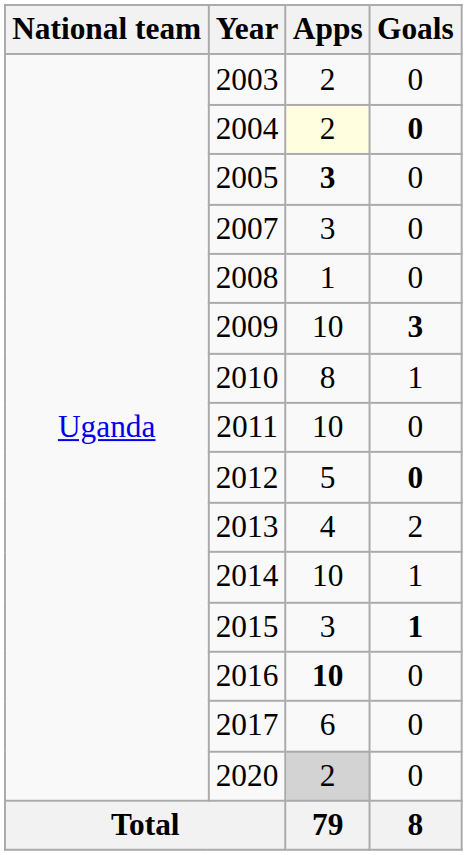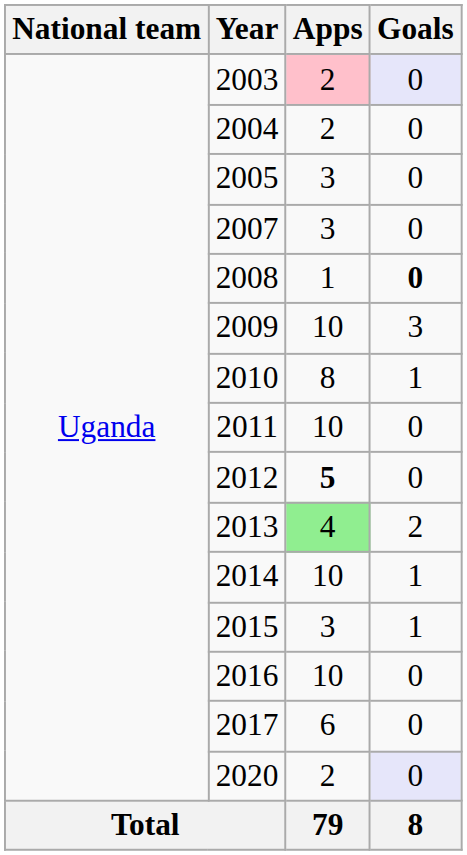 <table class="wikitable" style="text-align:center">
 <tr>
 <th>National team</th>
 <th>Year</th>
 <th>Apps</th>
 <th>Goals</th>
 </tr>
 <tr>
 <td rowspan="15"><a href='#'>Uganda</a></td>
 <td>2003</td>
+<td style="background: pink;">2</td>
+<td style="background: lavender;">0</td>
+</tr>
+<tr>
+<td>2004</td>
 <td>2</td>
 <td>0</td>
 </tr>
 <tr>
-<td>2004</td>
-<td style="background: lightyellow;">2</td>
-<td><strong>0</strong></td>
-</tr>
-<tr>
 <td>2005</td>
-<td><strong>3</strong></td>
+<td>3</td>
 <td>0</td>
 </tr>
 <tr>
 <td>2007</td>
 <td>3</td>
 <td>0</td>
 </tr>
 <tr>
 <td>2008</td>
 <td>1</td>
-<td>0</td>
+<td><strong>0</strong></td>
 </tr>
 <tr>
 <td>2009</td>
 <td>10</td>
-<td><strong>3</strong></td>
+<td>3</td>
 </tr>
 <tr>
 <td>2010</td>
 <td>8</td>
 <td>1</td>
 </tr>
 <tr>
 <td>2011</td>
 <td>10</td>
 <td>0</td>
 </tr>
 <tr>
 <td>2012</td>
-<td>5</td>
-<td><strong>0</strong></td>
+<td><strong>5</strong></td>
+<td>0</td>
 </tr>
 <tr>
 <td>2013</td>
-<td>4</td>
+<td style="background: lightgreen;">4</td>
 <td>2</td>
 </tr>
 <tr>
 <td>2014</td>
 <td>10</td>
 <td>1</td>
 </tr>
 <tr>
 <td>2015</td>
 <td>3</td>
-<td><strong>1</strong></td>
+<td>1</td>
 </tr>
 <tr>
 <td>2016</td>
-<td><strong>10</strong></td>
+<td>10</td>
 <td>0</td>
 </tr>
 <tr>
 <td>2017</td>
 <td>6</td>
 <td>0</td>
 </tr>
 <tr>
 <td>2020</td>
-<td style="background: lightgrey;">2</td>
-<td>0</td>
+<td>2</td>
+<td style="background: lavender;">0</td>
 </tr>
 <tr>
 <th colspan="2">Total</th>
 <th>79</th>
 <th>8</th>
 </tr>
 </table>
